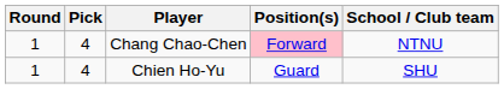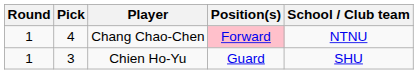 <table class="wikitable sortable sortable">
 <tr>
 <th>Round</th>
 <th>Pick</th>
 <th>Player</th>
 <th>Position(s)</th>
 <th>School / Club team</th>
 </tr>
 <tr style="text-align: center">
 <td>1</td>
 <td>4</td>
 <td>Chang Chao-Chen</td>
 <td style="background: pink;"><a href='#'>Forward</a></td>
 <td><a href='#'>NTNU</a></td>
 </tr>
 <tr style="text-align: center">
 <td>1</td>
-<td>4</td>
+<td>3</td>
 <td>Chien Ho-Yu</td>
 <td><a href='#'>Guard</a></td>
 <td><a href='#'>SHU</a></td>
 </tr>
 </table>
